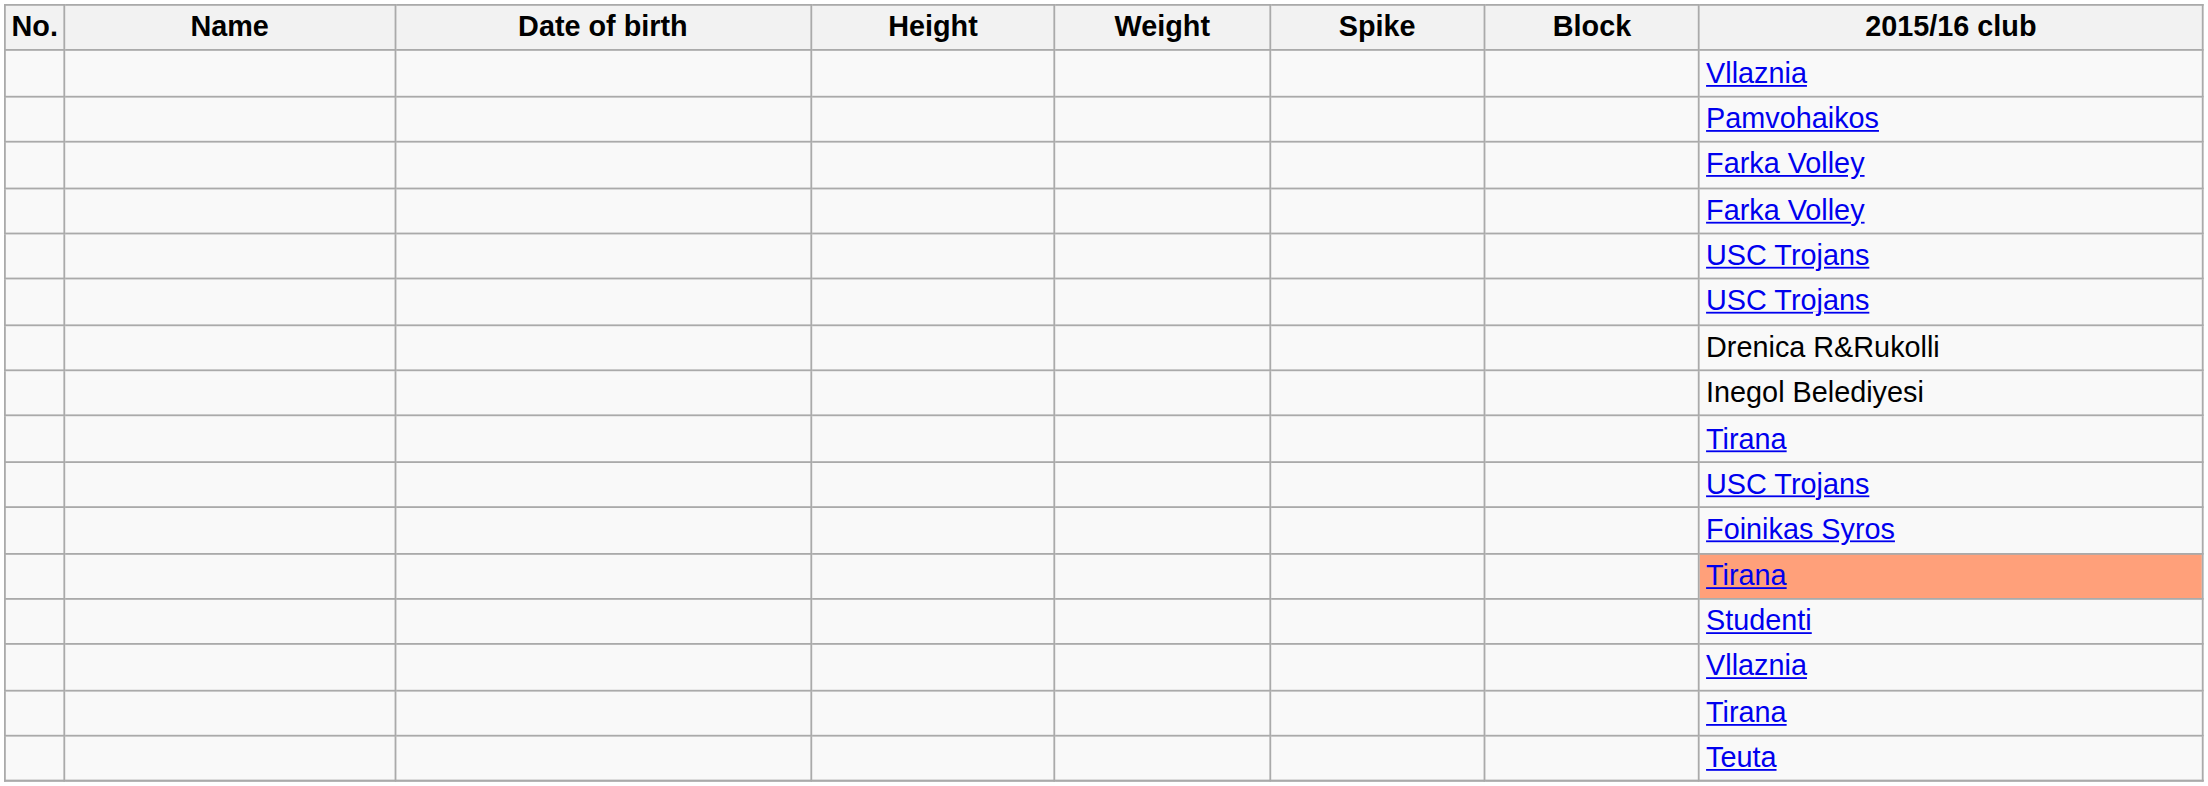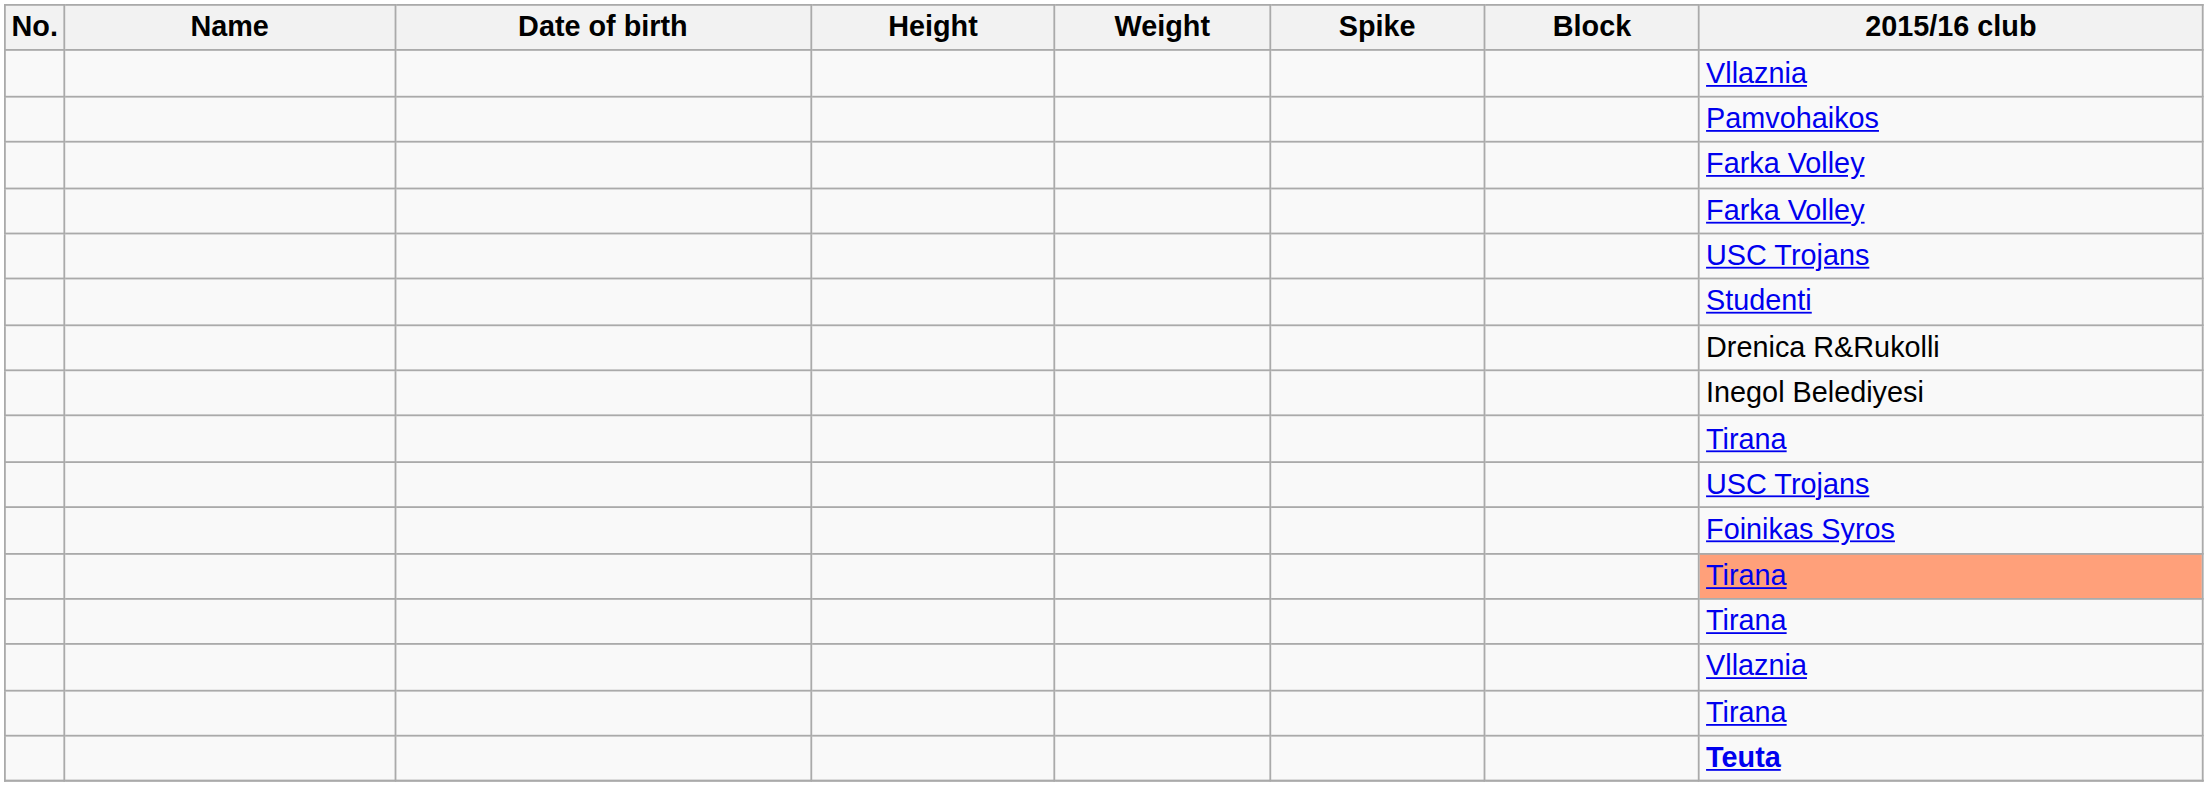 <table class="wikitable sortable" style="font-size:100%; text-align:center;">
 <tr>
 <th>No.</th>
 <th style="width:11em">Name</th>
 <th style="width:14em">Date of birth</th>
 <th style="width:8em">Height</th>
 <th style="width:7em">Weight</th>
 <th style="width:7em">Spike</th>
 <th style="width:7em">Block</th>
 <th style="width:17em">2015/16 club</th>
 </tr>
 <tr>
 <td></td>
 <td align=left></td>
 <td align=right></td>
 <td></td>
 <td></td>
 <td></td>
 <td></td>
 <td align=left> <a href='#'>Vllaznia</a></td>
 </tr>
 <tr>
 <td></td>
 <td align=left></td>
 <td align=right></td>
 <td></td>
 <td></td>
 <td></td>
 <td></td>
 <td align=left> <a href='#'>Pamvohaikos</a></td>
 </tr>
 <tr>
 <td></td>
 <td align=left></td>
 <td align=right></td>
 <td></td>
 <td></td>
 <td></td>
 <td></td>
 <td align=left> <a href='#'>Farka Volley</a></td>
 </tr>
 <tr>
 <td></td>
 <td align=left></td>
 <td align=right></td>
 <td></td>
 <td></td>
 <td></td>
 <td></td>
 <td align=left> <a href='#'>Farka Volley</a></td>
 </tr>
 <tr>
 <td></td>
 <td align=left></td>
 <td align=right></td>
 <td></td>
 <td></td>
 <td></td>
 <td></td>
 <td align=left> <a href='#'>USC Trojans</a></td>
 </tr>
 <tr>
 <td></td>
 <td align=left></td>
 <td align=right></td>
 <td></td>
 <td></td>
 <td></td>
 <td></td>
-<td align=left> <a href='#'>USC Trojans</a></td>
+<td align=left> <a href='#'>Studenti</a></td>
 </tr>
 <tr>
 <td></td>
 <td align=left></td>
 <td align=right></td>
 <td></td>
 <td></td>
 <td></td>
 <td></td>
 <td align=left> Drenica R&Rukolli</td>
 </tr>
 <tr>
 <td></td>
 <td align=left></td>
 <td align=right></td>
 <td></td>
 <td></td>
 <td></td>
 <td></td>
 <td align=left> Inegol Belediyesi</td>
 </tr>
 <tr>
 <td></td>
 <td align=left></td>
 <td align=right></td>
 <td></td>
 <td></td>
 <td></td>
 <td></td>
 <td align=left> <a href='#'>Tirana</a></td>
 </tr>
 <tr>
 <td></td>
 <td align=left></td>
 <td align=right></td>
 <td></td>
 <td></td>
 <td></td>
 <td></td>
 <td align=left> <a href='#'>USC Trojans</a></td>
 </tr>
 <tr>
 <td></td>
 <td align=left></td>
 <td align=right></td>
 <td></td>
 <td></td>
 <td></td>
 <td></td>
 <td align=left> <a href='#'>Foinikas Syros</a></td>
 </tr>
 <tr>
 <td></td>
 <td align=left></td>
 <td align=right></td>
 <td></td>
 <td></td>
 <td></td>
 <td></td>
 <td align=left style="background: lightsalmon;"> <a href='#'>Tirana</a></td>
 </tr>
 <tr>
 <td></td>
 <td align=left></td>
 <td align=right></td>
 <td></td>
 <td></td>
 <td></td>
 <td></td>
-<td align=left> <a href='#'>Studenti</a></td>
+<td align=left> <a href='#'>Tirana</a></td>
 </tr>
 <tr>
 <td></td>
 <td align=left></td>
 <td align=right></td>
 <td></td>
 <td></td>
 <td></td>
 <td></td>
 <td align=left> <a href='#'>Vllaznia</a></td>
 </tr>
 <tr>
 <td></td>
 <td align=left></td>
 <td align=right></td>
 <td></td>
 <td></td>
 <td></td>
 <td></td>
 <td align=left> <a href='#'>Tirana</a></td>
 </tr>
 <tr>
 <td></td>
 <td align=left></td>
 <td align=right></td>
 <td></td>
 <td></td>
 <td></td>
 <td></td>
-<td align=left> <a href='#'>Teuta</a></td>
+<td align=left><strong> <a href='#'>Teuta</a></strong></td>
 </tr>
 <tr>
 </tr>
 </table>
